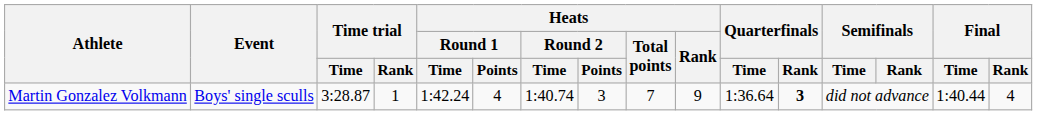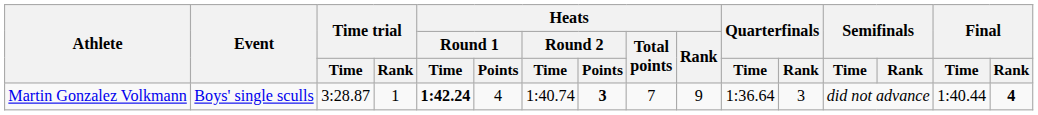 <table class="wikitable" style="font-size:90%">
 <tr>
 <th rowspan=3>Athlete</th>
 <th rowspan=3>Event</th>
 <th colspan=2 rowspan=2>Time trial</th>
 <th colspan=6>Heats</th>
 <th colspan=2 rowspan=2>Quarterfinals</th>
 <th colspan=2 rowspan=2>Semifinals</th>
 <th colspan=2 rowspan=2>Final</th>
 </tr>
 <tr>
 <th colspan=2>Round 1</th>
 <th colspan=2>Round 2</th>
 <th rowspan=2>Total<br>points</th>
 <th rowspan=2>Rank</th>
 </tr>
 <tr style="font-size:95%">
 <th>Time</th>
 <th>Rank</th>
 <th>Time</th>
 <th>Points</th>
 <th>Time</th>
 <th>Points</th>
 <th>Time</th>
 <th>Rank</th>
 <th>Time</th>
 <th>Rank</th>
 <th>Time</th>
 <th>Rank</th>
 </tr>
 <tr align=center>
 <td align=left><a href='#'>Martin Gonzalez Volkmann</a></td>
 <td align=left><a href='#'>Boys' single sculls</a></td>
 <td>3:28.87</td>
 <td>1</td>
-<td>1:42.24</td>
+<td><strong>1:42.24</strong></td>
 <td>4</td>
 <td>1:40.74</td>
-<td>3</td>
+<td><strong>3</strong></td>
 <td>7</td>
 <td>9</td>
 <td>1:36.64</td>
-<td><strong>3</strong></td>
+<td>3</td>
 <td colspan=2><em>did not advance</em></td>
 <td>1:40.44</td>
-<td>4</td>
+<td><strong>4</strong></td>
 </tr>
 </table>
